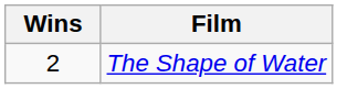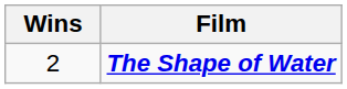 <table class="wikitable plainrowheaders" style="text-align:center;">
 <tr>
 <th scope="col" style="width:55px;">Wins</th>
 <th scope="col" style="text-align:center;">Film</th>
 </tr>
 <tr>
 <td scope=row rowspan=2 style="text-align:center;">2</td>
-<td><em><a href='#'>The Shape of Water</a></em></td>
+<td><strong><em><a href='#'>The Shape of Water</a></em></strong></td>
 </tr>
 </table>
